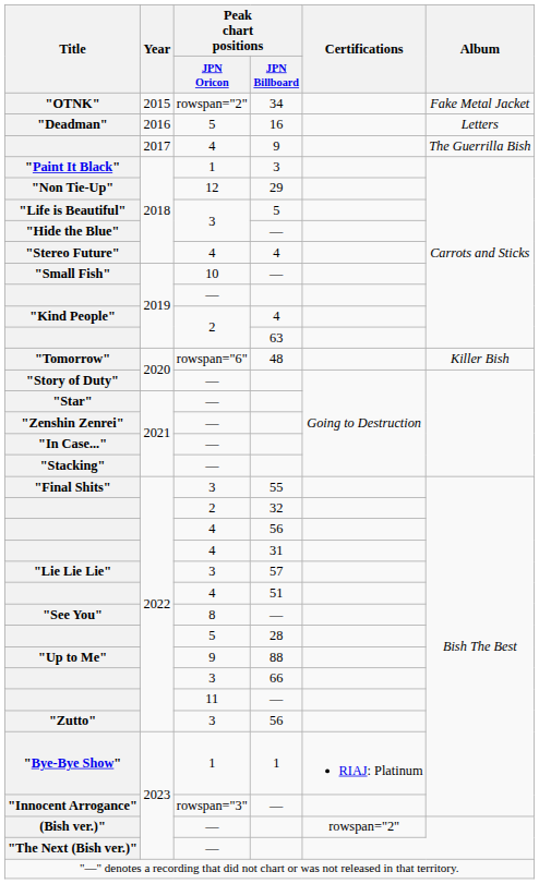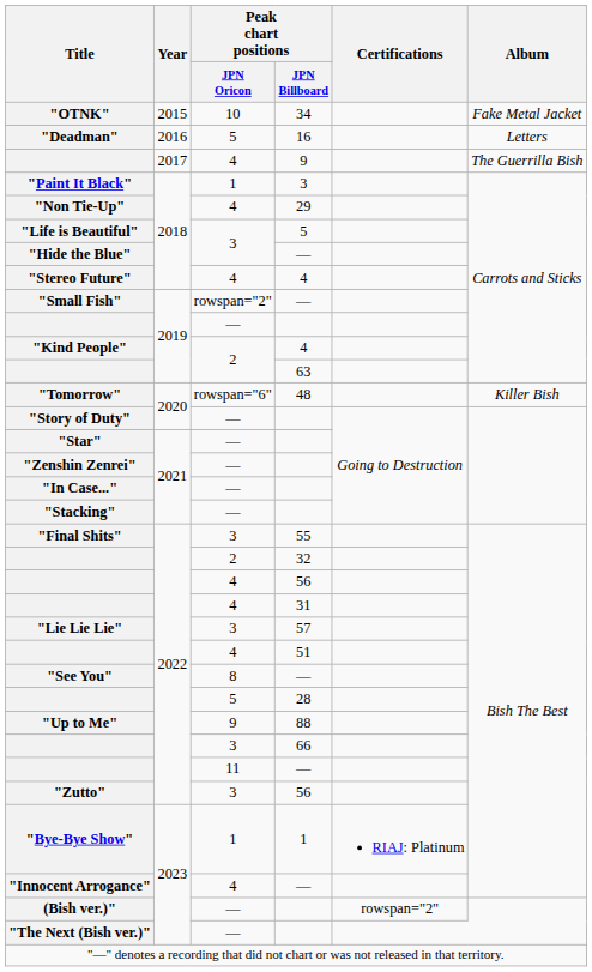 <table class="wikitable plainrowheaders" style="text-align:center;">
 <tr>
 <th scope="col" rowspan="2">Title</th>
 <th scope="col" rowspan="2">Year</th>
 <th scope="col" colspan="2">Peak <br> chart <br> positions</th>
 <th scope="col" rowspan="2">Certifications</th>
 <th scope="col" rowspan="2">Album</th>
 </tr>
 <tr>
 <th scope="col"><small><a href='#'>JPN<br>Oricon</a></small><br></th>
 <th scope="col"><small><a href='#'>JPN<br>Billboard</a></small><br></th>
 </tr>
 <tr>
 <th scope="row">"OTNK"</th>
 <td>2015</td>
-<td>rowspan="2" </td>
+<td>10</td>
 <td>34</td>
 <td></td>
 <td><em>Fake Metal Jacket</em></td>
 </tr>
 <tr>
 <th scope="row">"Deadman"</th>
 <td>2016</td>
 <td>5</td>
 <td>16</td>
 <td></td>
 <td><em>Letters</em></td>
 </tr>
 <tr>
 <th scope="row"></th>
 <td>2017</td>
 <td>4</td>
 <td>9</td>
 <td></td>
 <td><em>The Guerrilla Bish</em></td>
 </tr>
 <tr>
 <th scope="row">"<a href='#'>Paint It Black</a>"</th>
 <td rowspan="5">2018</td>
 <td>1</td>
 <td>3</td>
 <td></td>
 <td rowspan="9"><em>Carrots and Sticks</em></td>
 </tr>
 <tr>
 <th scope="row">"Non Tie-Up"</th>
-<td>12</td>
+<td>4</td>
 <td>29</td>
 <td></td>
 </tr>
 <tr>
 <th scope="row">"Life is Beautiful"</th>
 <td rowspan="2">3</td>
 <td>5</td>
 <td></td>
 </tr>
 <tr>
 <th scope="row">"Hide the Blue"</th>
 <td>—</td>
 <td></td>
 </tr>
 <tr>
 <th scope="row">"Stereo Future"</th>
 <td>4</td>
 <td>4</td>
 <td></td>
 </tr>
 <tr>
 <th scope="row">"Small Fish"</th>
 <td rowspan="4">2019</td>
-<td>10</td>
+<td>rowspan="2" </td>
 <td>—</td>
 <td></td>
 </tr>
 <tr>
 <th scope="row"></th>
 <td>—</td>
 <td></td>
 </tr>
 <tr>
 <th scope="row">"Kind People"</th>
 <td rowspan="2">2</td>
 <td>4</td>
 <td></td>
 </tr>
 <tr>
 <th scope="row"></th>
 <td>63</td>
 <td></td>
 </tr>
 <tr>
 <th scope="row">"Tomorrow"</th>
 <td rowspan="2">2020</td>
 <td>rowspan="6" </td>
 <td>48</td>
 <td></td>
 <td><em>Killer Bish</em></td>
 </tr>
 <tr>
 <th scope="row">"Story of Duty"</th>
 <td>—</td>
 <td></td>
 <td rowspan="5"><em>Going to Destruction</em></td>
 </tr>
 <tr>
 <th scope="row">"Star"</th>
 <td rowspan="4">2021</td>
 <td>—</td>
 <td></td>
 </tr>
 <tr>
 <th scope="row">"Zenshin Zenrei"</th>
 <td>—</td>
 <td></td>
 </tr>
 <tr>
 <th scope="row">"In Case..."</th>
 <td>—</td>
 <td></td>
 </tr>
 <tr>
 <th scope="row">"Stacking"</th>
 <td>—</td>
 <td></td>
 </tr>
 <tr>
 <th scope="row">"Final Shits"</th>
 <td rowspan="12">2022</td>
 <td>3</td>
 <td>55</td>
 <td></td>
 <td rowspan="14"><em>Bish The Best</em></td>
 </tr>
 <tr>
 <th scope="row"></th>
 <td>2</td>
 <td>32</td>
 <td></td>
 </tr>
 <tr>
 <th scope="row"></th>
 <td>4</td>
 <td>56</td>
 <td></td>
 </tr>
 <tr>
 <th scope="row"></th>
 <td>4</td>
 <td>31</td>
 <td></td>
 </tr>
 <tr>
 <th scope="row">"Lie Lie Lie"</th>
 <td>3</td>
 <td>57</td>
 <td></td>
 </tr>
 <tr>
 <th scope="row"></th>
 <td>4</td>
 <td>51</td>
 <td></td>
 </tr>
 <tr>
 <th scope="row">"See You"</th>
 <td>8</td>
 <td>—</td>
 <td></td>
 </tr>
 <tr>
 <th scope="row"></th>
 <td>5</td>
 <td>28</td>
 <td></td>
 </tr>
 <tr>
 <th scope="row">"Up to Me"</th>
 <td>9</td>
 <td>88</td>
 <td></td>
 </tr>
 <tr>
 <th scope="row"></th>
 <td>3</td>
 <td>66</td>
 <td></td>
 </tr>
 <tr>
 <th scope="row"></th>
 <td>11</td>
 <td>—</td>
 <td></td>
 </tr>
 <tr>
 <th scope="row">"Zutto"</th>
 <td>3</td>
 <td>56</td>
 <td></td>
 </tr>
 <tr>
 <th scope="row">"<a href='#'>Bye-Bye Show</a>"</th>
 <td rowspan="4">2023</td>
 <td>1</td>
 <td>1</td>
 <td><br><ul><li><a href='#'>RIAJ</a>: Platinum</li></ul></td>
 </tr>
 <tr>
 <th scope="row">"Innocent Arrogance"</th>
-<td>rowspan="3" </td>
+<td>4</td>
 <td>—</td>
 <td></td>
 </tr>
 <tr>
 <th scope="row"> (Bish ver.)"</th>
 <td>—</td>
 <td></td>
 <td>rowspan="2" </td>
 </tr>
 <tr>
 <th scope="row">"The Next (Bish ver.)"</th>
 <td>—</td>
 <td></td>
 </tr>
 <tr>
 <td colspan="6" style="font-size:90%">"—" denotes a recording that did not chart or was not released in that territory.</td>
 </tr>
 </table>
